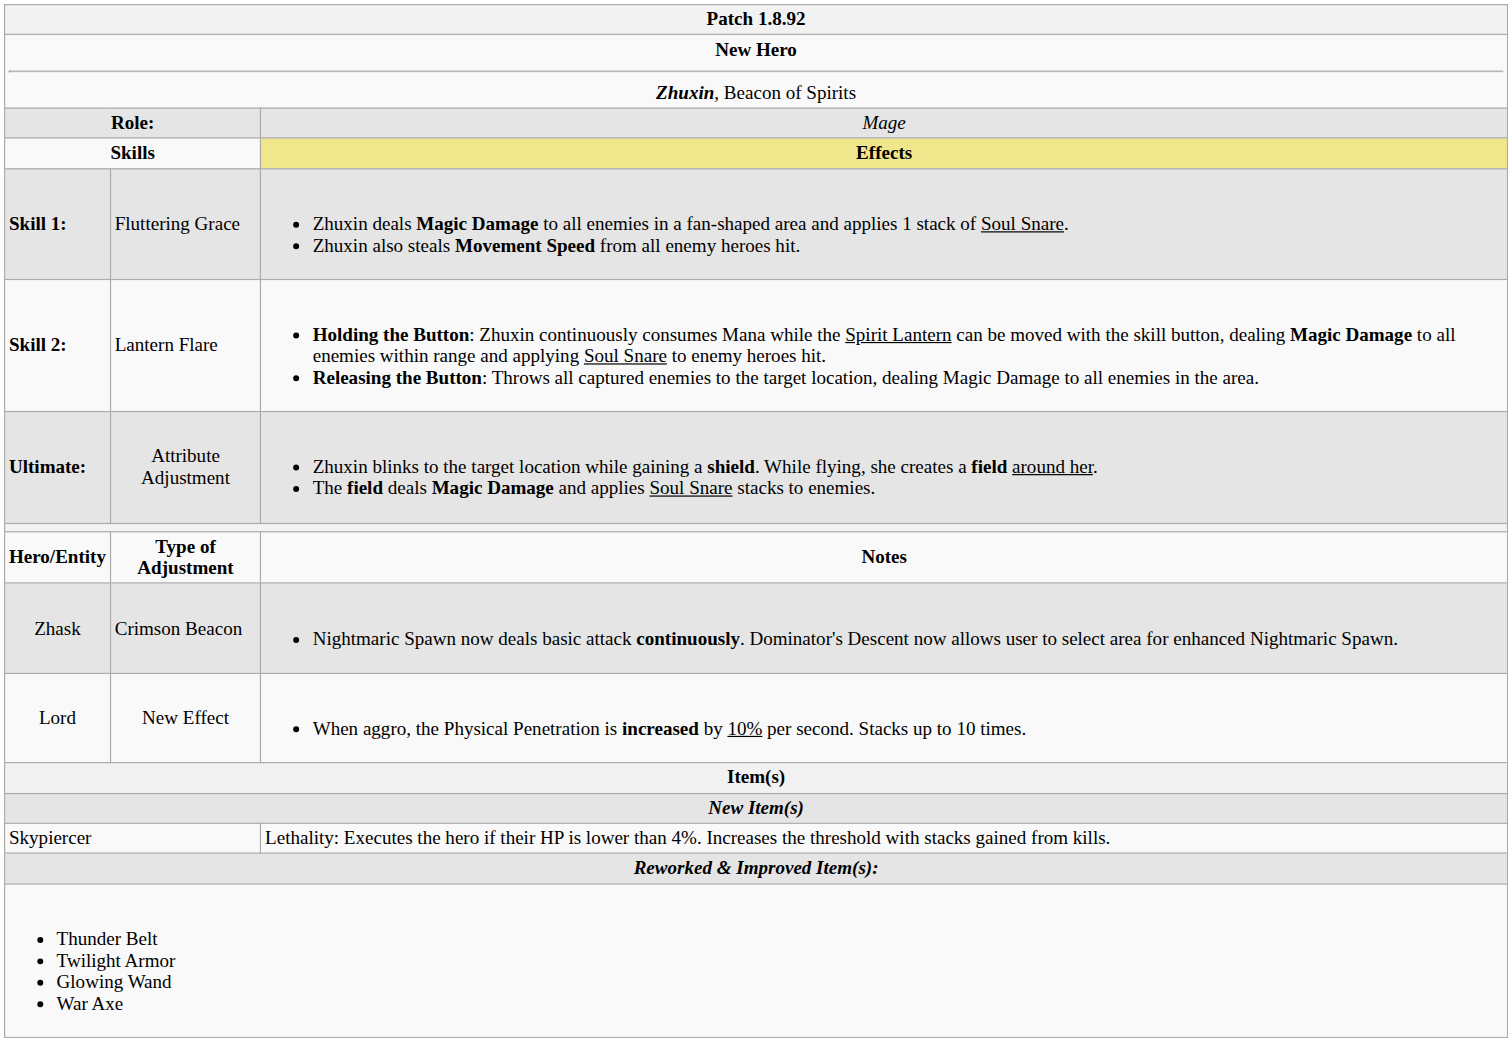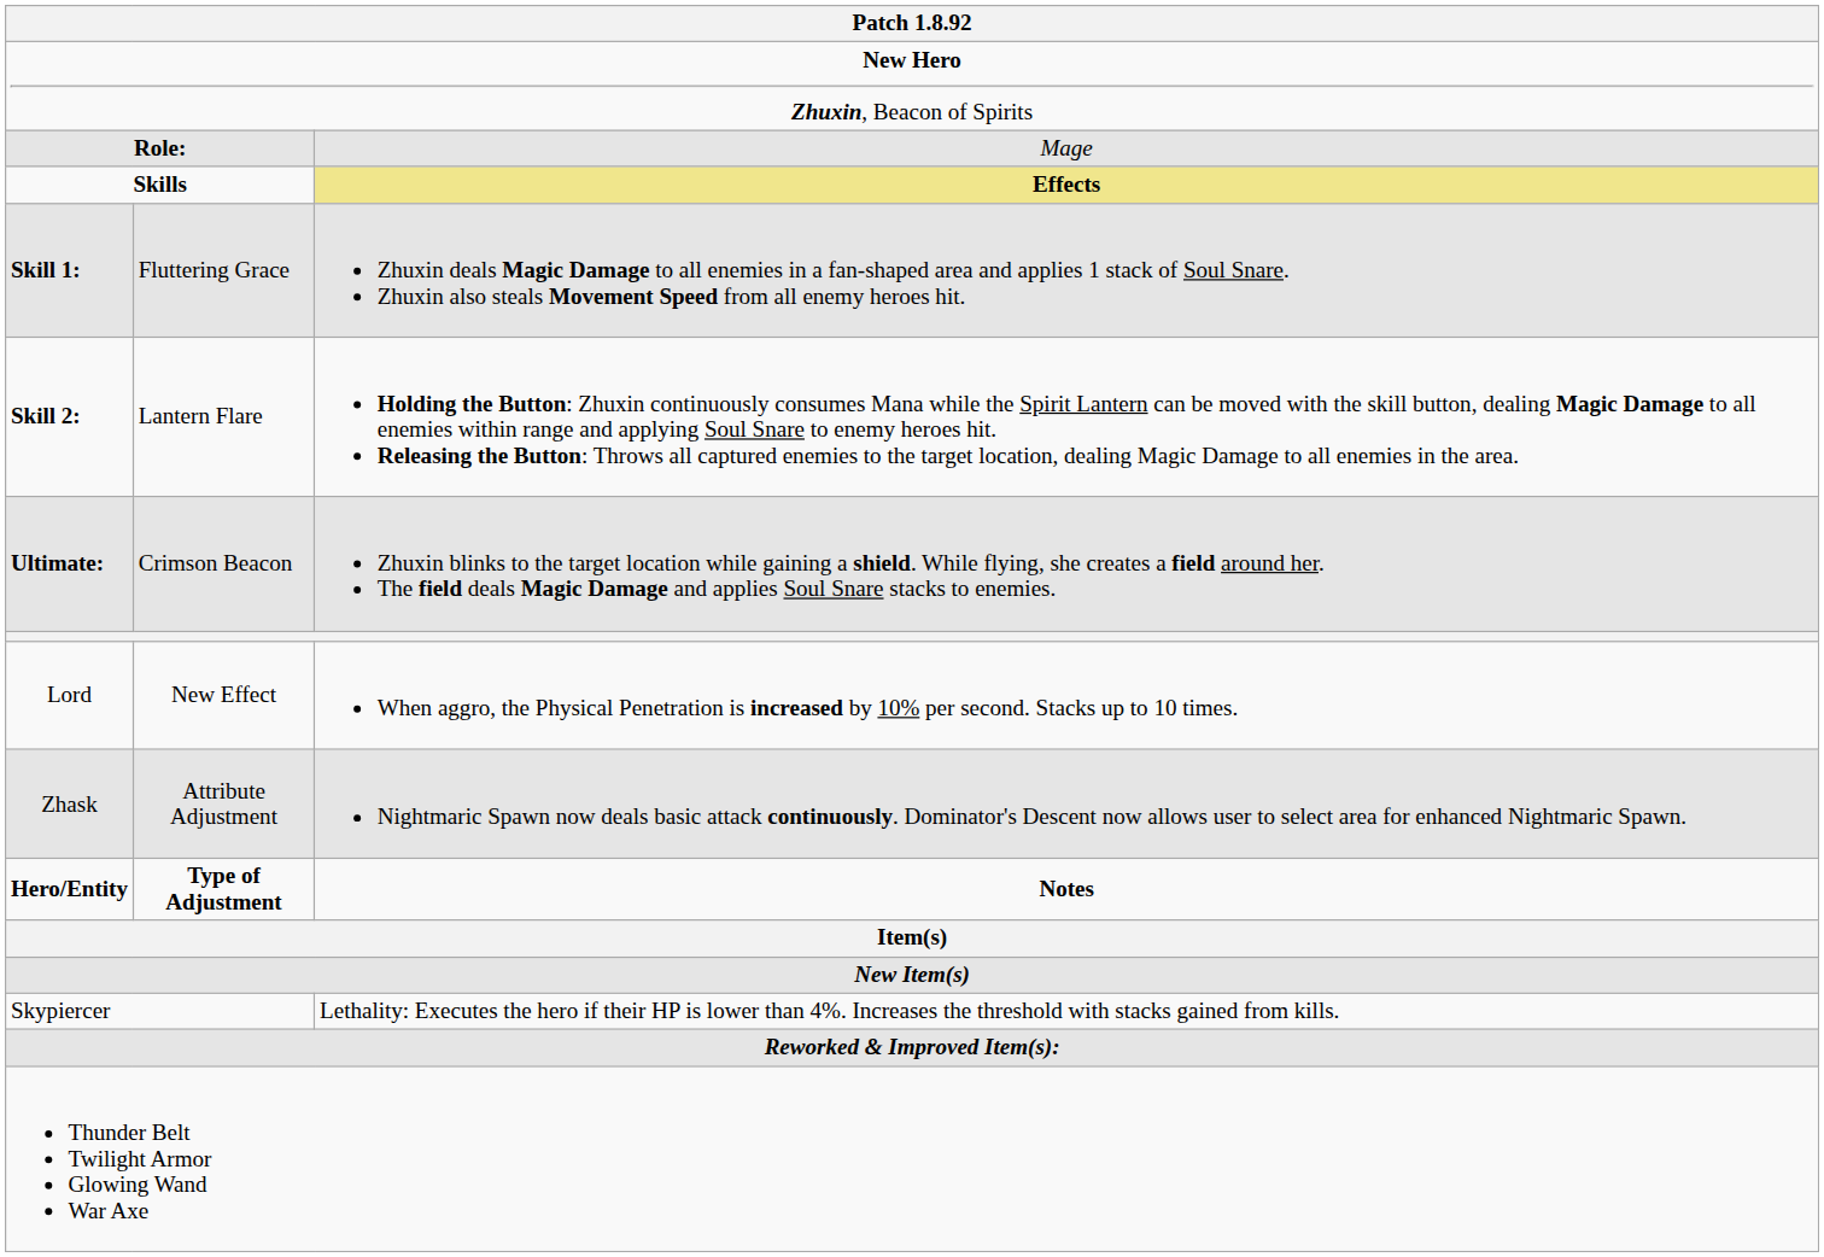 <table class="wikitable" style="margin-left:auto; margin-right:auto;">
 <tr>
 <th colspan="3">Patch 1.8.92</th>
 </tr>
 <tr>
 <td colspan="3" style="text-align:center;"><strong>New Hero</strong> <hr> <strong><em>Zhuxin</em></strong>, Beacon of Spirits</td>
 </tr>
 <tr>
 <td colspan="2" style="text-align:center; background: #E5E5E5;"><strong>Role:</strong></td>
 <td style="text-align:center; background: #E5E5E5;"><em>Mage</em></td>
 </tr>
 <tr>
 <td colspan="2" style="text-align:center;"><strong>Skills</strong></td>
 <td style="background: khaki; text-align:center;"><strong>Effects</strong></td>
 </tr>
 <tr>
 <td style="background: #E5E5E5;"><strong>Skill 1:</strong></td>
 <td style="background: #E5E5E5;">Fluttering Grace</td>
 <td style="background: #E5E5E5;"><br><ul><li>Zhuxin deals <strong>Magic Damage</strong> to all enemies in a fan-shaped area and applies 1 stack of <u>Soul Snare</u>.</li><li>Zhuxin also steals <strong>Movement Speed</strong> from all enemy heroes hit.</li></ul></td>
 </tr>
 <tr>
 <td><strong>Skill 2:</strong></td>
 <td>Lantern Flare</td>
 <td><br><ul><li><strong>Holding the Button</strong>: Zhuxin continuously consumes Mana while the <u>Spirit Lantern</u> can be moved with the skill button, dealing <strong>Magic Damage</strong> to all enemies within range and applying <u>Soul Snare</u> to enemy heroes hit.</li><li><strong>Releasing the Button</strong>: Throws all captured enemies to the target location, dealing Magic Damage to all enemies in the area.</li></ul></td>
 </tr>
 <tr>
 <td style="background: #E5E5E5;"><strong>Ultimate:</strong></td>
-<td style="text-align:center; background: #E5E5E5;">Attribute Adjustment</td>
+<td style="background: #E5E5E5;">Crimson Beacon</td>
 <td style="background: #E5E5E5;"><br><ul><li>Zhuxin blinks to the target location while gaining a <strong>shield</strong>. While flying, she creates a <strong>field</strong> <u>around her</u>.</li><li>The <strong>field</strong> deals <strong>Magic Damage</strong> and applies <u>Soul Snare</u> stacks to enemies.</li></ul></td>
 </tr>
 <tr>
 <th colspan="3"></th>
 </tr>
 <tr>
+<td style="text-align:center;">Lord</td>
+<td style="text-align:center;">New Effect</td>
+<td><br><ul><li>When aggro, the Physical Penetration is <strong>increased</strong> by <u>10%</u> per second. Stacks up to 10 times.</li></ul></td>
+</tr>
+<tr>
+<td style="text-align:center; background: #E5E5E5;">Zhask</td>
+<td style="text-align:center; background: #E5E5E5;">Attribute Adjustment</td>
+<td style="background: #E5E5E5;"><br><ul><li>Nightmaric Spawn now deals basic attack <strong>continuously</strong>. Dominator's Descent now allows user to select area for enhanced Nightmaric Spawn.</li></ul></td>
+</tr>
+<tr>
 <td style="text-align:center;"><strong>Hero/Entity</strong></td>
 <td style="text-align:center;"><strong>Type of Adjustment</strong></td>
 <td style="text-align:center;"><strong>Notes</strong></td>
-</tr>
-<tr>
-<td style="text-align:center; background: #E5E5E5;">Zhask</td>
-<td style="background: #E5E5E5;">Crimson Beacon</td>
-<td style="background: #E5E5E5;"><br><ul><li>Nightmaric Spawn now deals basic attack <strong>continuously</strong>. Dominator's Descent now allows user to select area for enhanced Nightmaric Spawn.</li></ul></td>
-</tr>
-<tr>
-<td style="text-align:center;">Lord</td>
-<td style="text-align:center;">New Effect</td>
-<td><br><ul><li>When aggro, the Physical Penetration is <strong>increased</strong> by <u>10%</u> per second. Stacks up to 10 times.</li></ul></td>
 </tr>
 <tr>
 <th colspan="3">Item(s)</th>
 </tr>
 <tr>
 <td style="text-align:center; background: #E5E5E5;" colspan="3"><strong><em>New Item(s)</em></strong></td>
 </tr>
 <tr>
 <td colspan="2">Skypiercer</td>
 <td>Lethality: Executes the hero if their HP is lower than 4%. Increases the threshold with stacks gained from kills.</td>
 </tr>
 <tr>
 <td style="text-align:center; background: #E5E5E5;" colspan="3"><strong><em>Reworked & Improved Item(s):</em></strong></td>
 </tr>
 <tr>
 <td colspan="3"><br><ul><li>Thunder Belt</li><li>Twilight Armor</li><li>Glowing Wand</li><li>War Axe</li></ul></td>
 </tr>
 </table>
